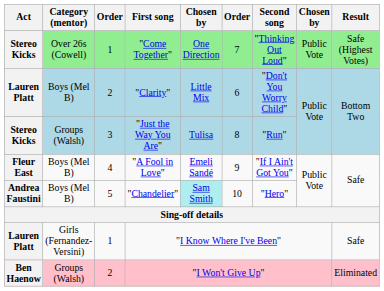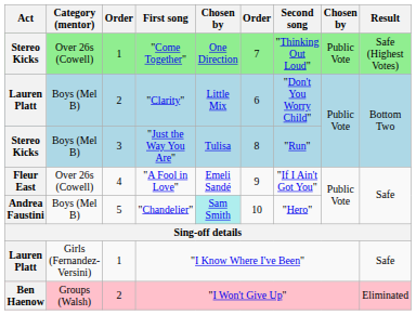 <table class="wikitable plainrowheaders" style="text-align:center;">
 <tr>
 <th scope="col">Act</th>
 <th scope="col">Category (mentor)</th>
 <th scope="col">Order</th>
 <th scope="col">First song</th>
 <th scope="col">Chosen by</th>
 <th scope="col">Order</th>
 <th scope="col">Second song</th>
 <th scope="col">Chosen by</th>
 <th scope="col">Result</th>
 </tr>
 <tr style="background:lightgreen;">
 <th scope="row">Stereo Kicks</th>
 <td>Over 26s (Cowell)</td>
 <td>1</td>
 <td>"<a href='#'>Come Together</a>"</td>
 <td><a href='#'>One Direction</a></td>
 <td>7</td>
 <td>"<a href='#'>Thinking Out Loud</a>"</td>
 <td>Public Vote</td>
 <td>Safe (Highest Votes)</td>
 </tr>
 <tr style="background:lightblue;">
 <th scope="row">Lauren Platt</th>
 <td>Boys (Mel B)</td>
 <td>2</td>
 <td>"<a href='#'>Clarity</a>"</td>
 <td><a href='#'>Little Mix</a></td>
 <td>6</td>
 <td>"<a href='#'>Don't You Worry Child</a>"</td>
 <td rowspan=2>Public Vote</td>
 <td rowspan=2>Bottom Two</td>
 </tr>
 <tr style="background:lightblue;">
 <th scope="row">Stereo Kicks</th>
-<td>Groups (Walsh)</td>
+<td>Boys (Mel B)</td>
 <td>3</td>
 <td>"<a href='#'>Just the Way You Are</a>"</td>
 <td><a href='#'>Tulisa</a></td>
 <td>8</td>
 <td>"<a href='#'>Run</a>"</td>
 </tr>
 <tr>
 <th scope="row">Fleur East</th>
-<td>Boys (Mel B)</td>
+<td>Over 26s (Cowell)</td>
 <td>4</td>
 <td>"<a href='#'>A Fool in Love</a>"</td>
 <td><a href='#'>Emeli Sandé</a></td>
 <td>9</td>
 <td>"<a href='#'>If I Ain't Got You</a>"</td>
 <td rowspan=2>Public Vote</td>
 <td rowspan=2>Safe</td>
 </tr>
 <tr>
 <th scope="row">Andrea Faustini</th>
 <td>Boys (Mel B)</td>
 <td>5</td>
 <td>"<a href='#'>Chandelier</a>"</td>
 <td style="background: paleturquoise;"><a href='#'>Sam Smith</a></td>
 <td>10</td>
 <td>"<a href='#'>Hero</a>"</td>
 </tr>
 <tr>
 <th scope="col" colspan=9>Sing-off details</th>
 </tr>
 <tr>
 <th scope="row">Lauren Platt</th>
 <td>Girls (Fernandez-Versini)</td>
 <td>1</td>
 <td colspan="5">"<a href='#'>I Know Where I've Been</a>"</td>
 <td>Safe</td>
 </tr>
 <tr style="background:pink;">
 <th scope="row">Ben Haenow</th>
 <td>Groups (Walsh)</td>
 <td>2</td>
 <td colspan="5">"<a href='#'>I Won't Give Up</a>"</td>
 <td>Eliminated</td>
 </tr>
 </table>
